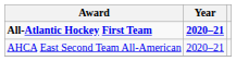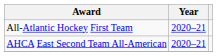 <table class="wikitable">
 <tr>
 <th>Award</th>
 <th>Year</th>
 <th></th>
 </tr>
 <tr>
-<td><strong>All-<a href='#'>Atlantic Hockey</a> <a href='#'>First Team</a></strong></td>
-<td><strong><a href='#'>2020–21</a></strong></td>
+<td>All-<a href='#'>Atlantic Hockey</a> <a href='#'>First Team</a></td>
+<td><a href='#'>2020–21</a></td>
 <td></td>
 </tr>
 <tr>
 <td><a href='#'>AHCA</a> <a href='#'>East Second Team All-American</a></td>
 <td><a href='#'>2020–21</a></td>
 <td></td>
 </tr>
 <tr>
 </tr>
 </table>
